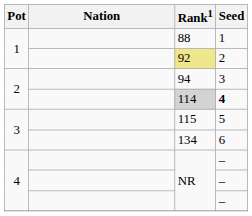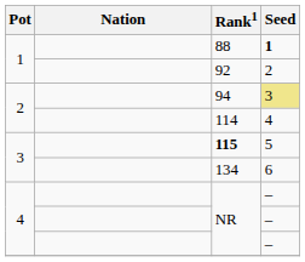 <table class="wikitable">
 <tr>
 <th>Pot</th>
 <th width="175">Nation</th>
 <th>Rank<sup>1</sup></th>
 <th>Seed</th>
 </tr>
 <tr>
 <td rowspan=2 style="text-align:center;">1</td>
 <td></td>
 <td>88</td>
-<td>1</td>
+<td><strong>1</strong></td>
 </tr>
 <tr>
 <td></td>
-<td style="background: khaki;">92</td>
+<td>92</td>
 <td>2</td>
 </tr>
 <tr>
 <td rowspan=2 style="text-align:center;">2</td>
 <td></td>
 <td>94</td>
-<td>3</td>
+<td style="background: khaki;">3</td>
 </tr>
 <tr>
 <td></td>
-<td style="background: lightgrey;">114</td>
-<td><strong>4</strong></td>
+<td>114</td>
+<td>4</td>
 </tr>
 <tr>
 <td rowspan=2 style="text-align:center;">3</td>
 <td></td>
-<td>115</td>
+<td><strong>115</strong></td>
 <td>5</td>
 </tr>
 <tr>
 <td></td>
 <td>134</td>
 <td>6</td>
 </tr>
 <tr>
 <td rowspan=3 style="text-align:center;">4</td>
 <td></td>
 <td rowspan=3>NR</td>
 <td>–</td>
 </tr>
 <tr>
 <td></td>
 <td>–</td>
 </tr>
 <tr>
 <td></td>
 <td>–</td>
 </tr>
 <tr>
 </tr>
 </table>
